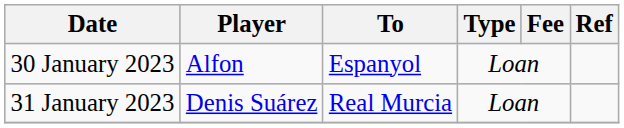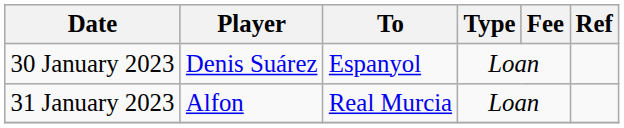 <table class="wikitable">
 <tr>
 <th>Date</th>
 <th>Player</th>
 <th>To</th>
 <th>Type</th>
 <th>Fee</th>
 <th>Ref</th>
 </tr>
 <tr>
 <td>30 January 2023</td>
-<td> <a href='#'>Alfon</a></td>
+<td> <a href='#'>Denis Suárez</a></td>
 <td><a href='#'>Espanyol</a></td>
 <td colspan=2 align=center><em>Loan</em></td>
 <td align=center></td>
 </tr>
 <tr>
 <td>31 January 2023</td>
-<td> <a href='#'>Denis Suárez</a></td>
+<td> <a href='#'>Alfon</a></td>
 <td><a href='#'>Real Murcia</a></td>
 <td colspan=2 align=center><em>Loan</em></td>
 <td align=center></td>
 </tr>
 <tr>
 </tr>
 </table>
